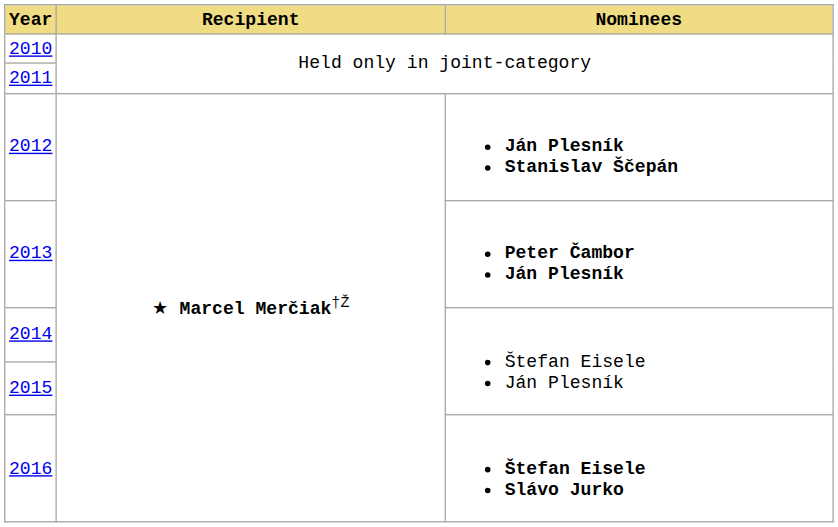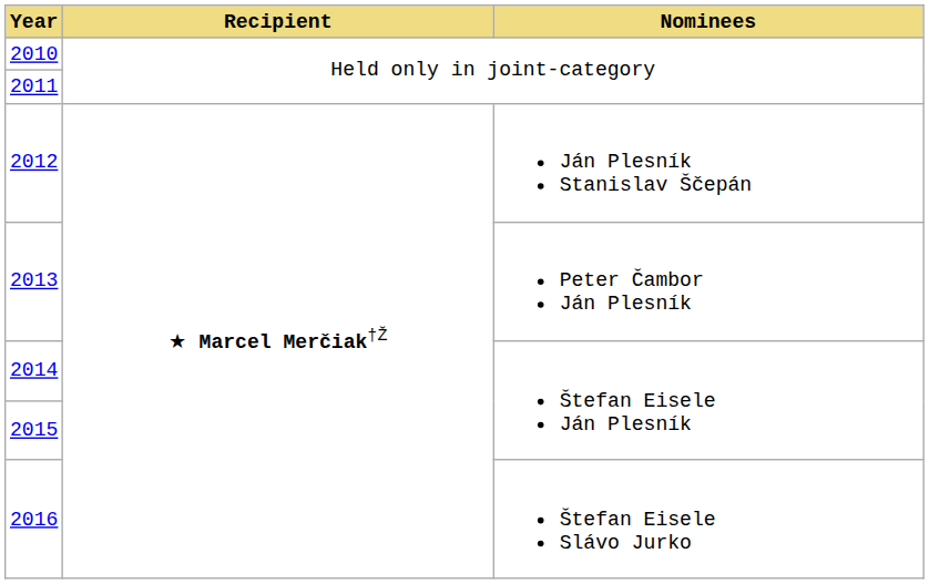 <table class=wikitable sortable style="background:white">
 <tr>
 <th style=background:#F0DC82>Year</th>
 <th style=background:#F0DC82 width=273>Recipient</th>
 <th style=background:#F0DC82 width=273>Nominees</th>
 </tr>
 <tr>
 <td><a href='#'>2010</a></td>
 <td align=center rowspan=2 colspan=2>Held only in joint-category</td>
 </tr>
 <tr>
 <td><a href='#'>2011</a></td>
 </tr>
 <tr>
 <td><a href='#'>2012</a></td>
 <td rowspan=5 align=center>★ <strong>Marcel Merčiak</strong><sup>†Ž</sup> <br></td>
-<td><strong><br><ul><li>Ján Plesník</li><li>Stanislav Ščepán</li></ul></strong></td>
+<td><br><ul><li>Ján Plesník</li><li>Stanislav Ščepán</li></ul></td>
 </tr>
 <tr>
 <td><a href='#'>2013</a></td>
-<td><strong><br><ul><li>Peter Čambor</li><li>Ján Plesník</li></ul></strong></td>
+<td><br><ul><li>Peter Čambor</li><li>Ján Plesník</li></ul></td>
 </tr>
 <tr>
 <td><a href='#'>2014</a></td>
 <td rowspan=2><br><ul><li>Štefan Eisele</li><li>Ján Plesník</li></ul></td>
 </tr>
 <tr>
 <td><a href='#'>2015</a></td>
 </tr>
 <tr>
 <td><a href='#'>2016</a></td>
-<td><strong><br><ul><li>Štefan Eisele</li><li>Slávo Jurko</li></ul></strong></td>
+<td><br><ul><li>Štefan Eisele</li><li>Slávo Jurko</li></ul></td>
 </tr>
 </table>
